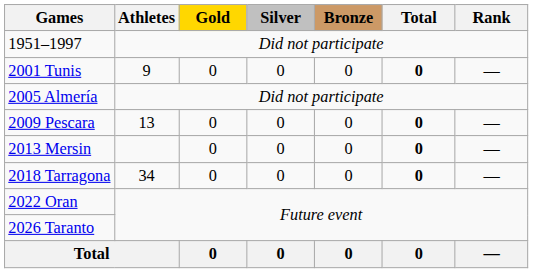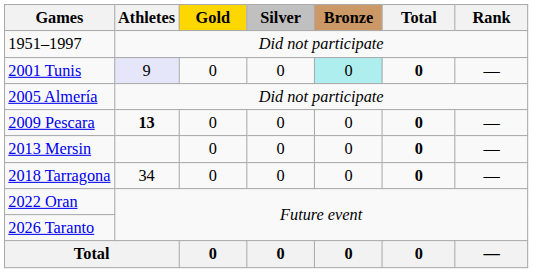 <table class="wikitable" style="text-align:center; font-size:98%;">
 <tr>
 <th>Games</th>
 <th>Athletes</th>
 <td style="background:gold; width:3.7em; font-weight:bold;">Gold</td>
 <td style="background:silver; width:3.7em; font-weight:bold;">Silver</td>
 <td style="background:#c96; width:3.7em; font-weight:bold;">Bronze</td>
 <th style="width:4em; font-weight:bold;">Total</th>
 <th style="width:4em; font-weight:bold;">Rank</th>
 </tr>
 <tr>
 <td align=left>1951–1997</td>
 <td colspan=6><em>Did not participate</em></td>
 </tr>
 <tr>
 <td align=left><a href='#'>2001 Tunis</a></td>
-<td>9</td>
+<td style="background: lavender;">9</td>
 <td>0</td>
 <td>0</td>
-<td>0</td>
+<td style="background: paleturquoise;">0</td>
 <td><strong>0</strong></td>
 <td>—</td>
 </tr>
 <tr>
 <td align=left><a href='#'>2005 Almería</a></td>
 <td colspan=6><em>Did not participate</em></td>
 </tr>
 <tr>
 <td align=left><a href='#'>2009 Pescara</a></td>
-<td>13</td>
+<td><strong>13</strong></td>
 <td>0</td>
 <td>0</td>
 <td>0</td>
 <td><strong>0</strong></td>
 <td>—</td>
 </tr>
 <tr>
 <td align=left><a href='#'>2013 Mersin</a></td>
 <td></td>
 <td>0</td>
 <td>0</td>
 <td>0</td>
 <td><strong>0</strong></td>
 <td>—</td>
 </tr>
 <tr>
 <td align=left><a href='#'>2018 Tarragona</a></td>
 <td>34</td>
 <td>0</td>
 <td>0</td>
 <td>0</td>
 <td><strong>0</strong></td>
 <td>—</td>
 </tr>
 <tr>
 <td align=left><a href='#'>2022 Oran</a></td>
 <td colspan=6; rowspan=2><em>Future event</em></td>
 </tr>
 <tr>
 <td align=left><a href='#'>2026 Taranto</a></td>
 </tr>
 <tr>
 <th colspan=2>Total</th>
 <th>0</th>
 <th>0</th>
 <th>0</th>
 <th>0</th>
 <th>—</th>
 </tr>
 </table>
